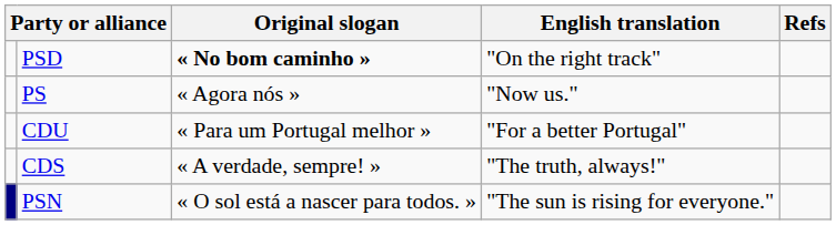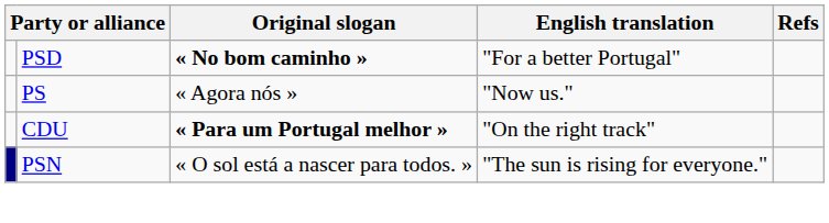 <table class="wikitable" style="font-size:97%; text-align:left;">
 <tr>
 <th style="text-align:left;" colspan="2">Party or alliance</th>
 <th>Original slogan</th>
 <th>English translation</th>
 <th>Refs</th>
 </tr>
 <tr>
 <td style="color:inherit;background:"></td>
 <td><a href='#'>PSD</a></td>
 <td><strong>« No bom caminho »</strong></td>
-<td>"On the right track"</td>
+<td>"For a better Portugal"</td>
 <td></td>
 </tr>
 <tr>
 <td width="1" style="color:inherit;background:"></td>
 <td><a href='#'>PS</a></td>
 <td>« Agora nós »</td>
 <td>"Now us."</td>
 <td></td>
 </tr>
 <tr>
 <td style="color:inherit;background:"></td>
 <td><a href='#'>CDU</a></td>
-<td>« Para um Portugal melhor »</td>
-<td>"For a better Portugal"</td>
-<td></td>
-</tr>
-<tr>
-<td style="color:inherit;background:"></td>
-<td><a href='#'>CDS</a></td>
-<td>« A verdade, sempre! »</td>
-<td>"The truth, always!"</td>
+<td><strong>« Para um Portugal melhor »</strong></td>
+<td>"On the right track"</td>
 <td></td>
 </tr>
 <tr>
 <td style="color:inherit;background:#000080"></td>
 <td><a href='#'>PSN</a></td>
 <td>« O sol está a nascer para todos. »</td>
 <td>"The sun is rising for everyone."</td>
 <td></td>
 </tr>
 </table>
